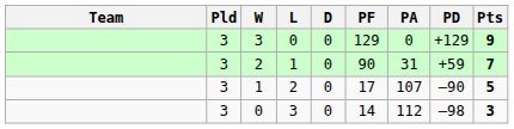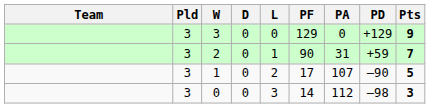 <table class="wikitable" style="text-align:center;">
 <tr>
 <th width=175>Team</th>
 <th width=25 abbr="Played">Pld</th>
 <th width=25 abbr="Won">W</th>
+<th width=25 abbr="Drawn">D</th>
 <th width=25 abbr="Lost">L</th>
-<th width=25 abbr="Drawn">D</th>
 <th width=32 abbr="Points for">PF</th>
 <th width=32 abbr="Points against">PA</th>
 <th width=32 abbr="Points difference">PD</th>
 <th width=25 abbr="Points">Pts</th>
 </tr>
 <tr bgcolor=#cfc>
 <td align=left></td>
 <td>3</td>
 <td>3</td>
 <td>0</td>
 <td>0</td>
 <td>129</td>
 <td>0</td>
 <td>+129</td>
 <td><strong>9</strong></td>
 </tr>
 <tr bgcolor=#cfc>
 <td align=left></td>
 <td>3</td>
 <td>2</td>
+<td>0</td>
 <td>1</td>
-<td>0</td>
 <td>90</td>
 <td>31</td>
 <td>+59</td>
 <td><strong>7</strong></td>
 </tr>
 <tr>
 <td align="left"></td>
 <td>3</td>
 <td>1</td>
+<td>0</td>
 <td>2</td>
-<td>0</td>
 <td>17</td>
 <td>107</td>
 <td>–90</td>
 <td><strong>5</strong></td>
 </tr>
 <tr>
 <td align="left"></td>
 <td>3</td>
 <td>0</td>
+<td>0</td>
 <td>3</td>
-<td>0</td>
 <td>14</td>
 <td>112</td>
 <td>–98</td>
 <td><strong>3</strong></td>
 </tr>
 </table>
